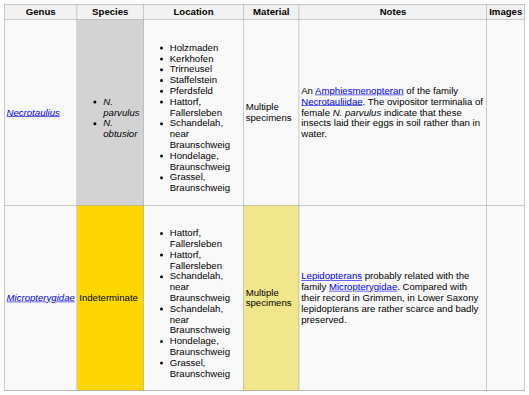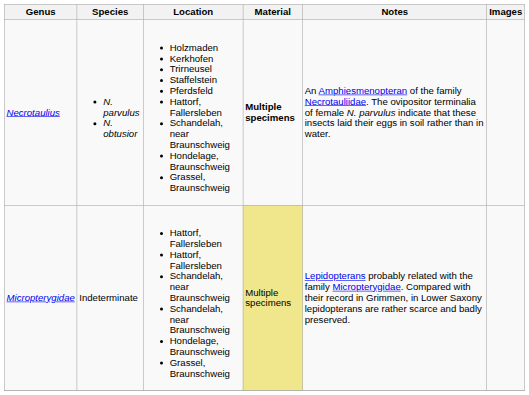 <table class="wikitable">
 <tr>
 <th>Genus</th>
 <th>Species</th>
 <th>Location</th>
 <th>Material</th>
 <th>Notes</th>
 <th>Images</th>
 </tr>
 <tr>
 <td><em><a href='#'>Necrotaulius</a></em></td>
-<td style="background: lightgrey;"><br><ul><li><em>N. parvulus</em></li><li><em>N. obtusior</em></li></ul></td>
+<td><br><ul><li><em>N. parvulus</em></li><li><em>N. obtusior</em></li></ul></td>
 <td><br><ul><li>Holzmaden</li><li>Kerkhofen</li><li>Trirneusel</li><li>Staffelstein</li><li>Pferdsfeld</li><li>Hattorf, Fallersleben</li><li>Schandelah, near Braunschweig</li><li>Hondelage, Braunschweig</li><li>Grassel, Braunschweig</li></ul></td>
-<td>Multiple specimens</td>
+<td><strong>Multiple specimens</strong></td>
 <td>An <a href='#'>Amphiesmenopteran</a> of the family <a href='#'>Necrotauliidae</a>. The ovipositor terminalia of female <em>N. parvulus</em> indicate that these insects laid their eggs in soil rather than in water.</td>
 <td></td>
 </tr>
 <tr>
 <td><em><a href='#'>Micropterygidae</a></em></td>
-<td style="background: gold;">Indeterminate</td>
+<td>Indeterminate</td>
 <td><br><ul><li>Hattorf, Fallersleben</li><li>Hattorf, Fallersleben</li><li>Schandelah, near Braunschweig</li><li>Schandelah, near Braunschweig</li><li>Hondelage, Braunschweig</li><li>Grassel, Braunschweig</li></ul></td>
 <td style="background: khaki;">Multiple specimens</td>
 <td><a href='#'>Lepidopterans</a> probably related with the family <a href='#'>Micropterygidae</a>. Compared with their record in Grimmen, in Lower Saxony lepidopterans are rather scarce and badly preserved.</td>
 <td></td>
 </tr>
 <tr>
 </tr>
 </table>
